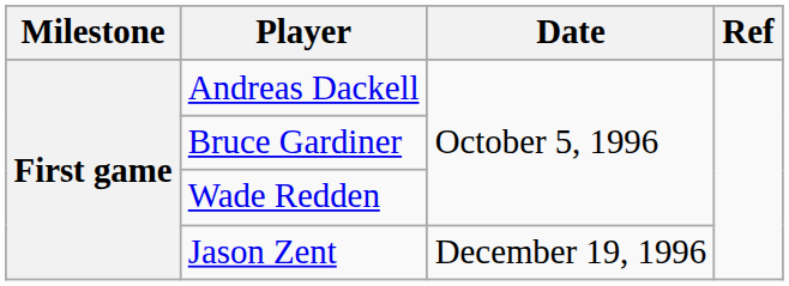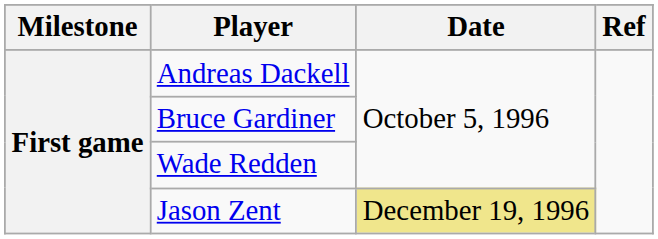 <table class="wikitable">
 <tr>
 <th scope="col">Milestone</th>
 <th scope="col">Player</th>
 <th scope="col">Date</th>
 <th scope="col">Ref</th>
 </tr>
 <tr>
 <th rowspan=4>First game</th>
 <td><a href='#'>Andreas Dackell</a></td>
 <td rowspan=3>October 5, 1996</td>
 <td rowspan=4></td>
 </tr>
 <tr>
 <td><a href='#'>Bruce Gardiner</a></td>
 </tr>
 <tr>
 <td><a href='#'>Wade Redden</a></td>
 </tr>
 <tr>
 <td><a href='#'>Jason Zent</a></td>
-<td>December 19, 1996</td>
+<td style="background: khaki;">December 19, 1996</td>
 </tr>
 </table>
